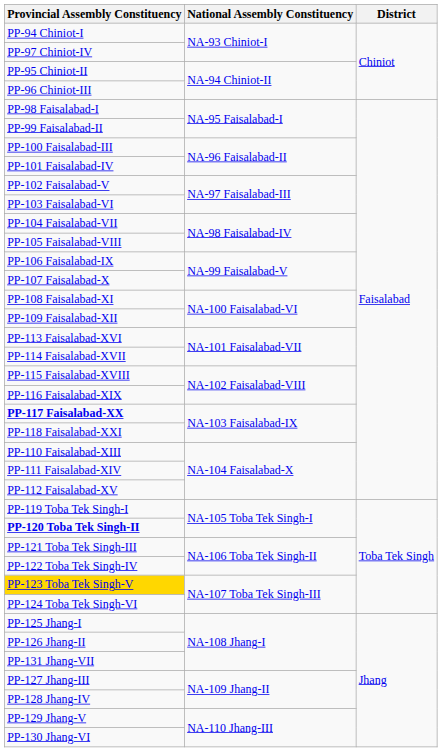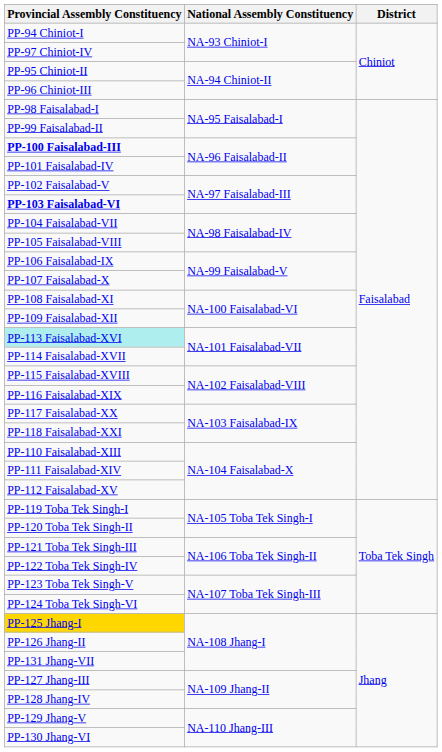 <table class="wikitable sortable static-row-numbers static-row-header-hash">
 <tr>
 <th>Provincial Assembly Constituency</th>
 <th>National Assembly Constituency</th>
 <th>District</th>
 </tr>
 <tr>
 <td><a href='#'>PP-94 Chiniot-I</a></td>
 <td rowspan="2"><a href='#'>NA-93 Chiniot-I</a></td>
 <td rowspan="4"><a href='#'>Chiniot</a></td>
 </tr>
 <tr>
 <td><a href='#'>PP-97 Chiniot-IV</a></td>
 </tr>
 <tr>
 <td><a href='#'>PP-95 Chiniot-II</a></td>
 <td rowspan="2"><a href='#'>NA-94 Chiniot-II</a></td>
 </tr>
 <tr>
 <td><a href='#'>PP-96 Chiniot-III</a></td>
 </tr>
 <tr>
 <td><a href='#'>PP-98 Faisalabad-I</a></td>
 <td rowspan="2"><a href='#'>NA-95 Faisalabad-I</a></td>
 <td rowspan="21"><a href='#'>Faisalabad</a></td>
 </tr>
 <tr>
 <td><a href='#'>PP-99 Faisalabad-II</a></td>
 </tr>
 <tr>
-<td><a href='#'>PP-100 Faisalabad-III</a></td>
+<td><strong><a href='#'>PP-100 Faisalabad-III</a></strong></td>
 <td rowspan="2"><a href='#'>NA-96 Faisalabad-II</a></td>
 </tr>
 <tr>
 <td><a href='#'>PP-101 Faisalabad-IV</a></td>
 </tr>
 <tr>
 <td><a href='#'>PP-102 Faisalabad-V</a></td>
 <td rowspan="2"><a href='#'>NA-97 Faisalabad-III</a></td>
 </tr>
 <tr>
-<td><a href='#'>PP-103 Faisalabad-VI</a></td>
+<td><strong><a href='#'>PP-103 Faisalabad-VI</a></strong></td>
 </tr>
 <tr>
 <td><a href='#'>PP-104 Faisalabad-VII</a></td>
 <td rowspan="2"><a href='#'>NA-98 Faisalabad-IV</a></td>
 </tr>
 <tr>
 <td><a href='#'>PP-105 Faisalabad-VIII</a></td>
 </tr>
 <tr>
 <td><a href='#'>PP-106 Faisalabad-IX</a></td>
 <td rowspan="2"><a href='#'>NA-99 Faisalabad-V</a></td>
 </tr>
 <tr>
 <td><a href='#'>PP-107 Faisalabad-X</a></td>
 </tr>
 <tr>
 <td><a href='#'>PP-108 Faisalabad-XI</a></td>
 <td rowspan="2"><a href='#'>NA-100 Faisalabad-VI</a></td>
 </tr>
 <tr>
 <td><a href='#'>PP-109 Faisalabad-XII</a></td>
 </tr>
 <tr>
-<td><a href='#'>PP-113 Faisalabad-XVI</a></td>
+<td style="background: paleturquoise;"><a href='#'>PP-113 Faisalabad-XVI</a></td>
 <td rowspan="2"><a href='#'>NA-101 Faisalabad-VII</a></td>
 </tr>
 <tr>
 <td><a href='#'>PP-114 Faisalabad-XVII</a></td>
 </tr>
 <tr>
 <td><a href='#'>PP-115 Faisalabad-XVIII</a></td>
 <td rowspan="2"><a href='#'>NA-102 Faisalabad-VIII</a></td>
 </tr>
 <tr>
 <td><a href='#'>PP-116 Faisalabad-XIX</a></td>
 </tr>
 <tr>
-<td><strong><a href='#'>PP-117 Faisalabad-XX</a></strong></td>
+<td><a href='#'>PP-117 Faisalabad-XX</a></td>
 <td rowspan="2"><a href='#'>NA-103 Faisalabad-IX</a></td>
 </tr>
 <tr>
 <td><a href='#'>PP-118 Faisalabad-XXI</a></td>
 </tr>
 <tr>
 <td><a href='#'>PP-110 Faisalabad-XIII</a></td>
 <td rowspan="3"><a href='#'>NA-104 Faisalabad-X</a></td>
 </tr>
 <tr>
 <td><a href='#'>PP-111 Faisalabad-XIV</a></td>
 </tr>
 <tr>
 <td><a href='#'>PP-112 Faisalabad-XV</a></td>
 </tr>
 <tr>
 <td><a href='#'>PP-119 Toba Tek Singh-I</a></td>
 <td rowspan="2"><a href='#'>NA-105 Toba Tek Singh-I</a></td>
 <td rowspan="6"><a href='#'>Toba Tek Singh</a></td>
 </tr>
 <tr>
-<td><strong><a href='#'>PP-120 Toba Tek Singh-II</a></strong></td>
+<td><a href='#'>PP-120 Toba Tek Singh-II</a></td>
 </tr>
 <tr>
 <td><a href='#'>PP-121 Toba Tek Singh-III</a></td>
 <td rowspan="2"><a href='#'>NA-106 Toba Tek Singh-II</a></td>
 </tr>
 <tr>
 <td><a href='#'>PP-122 Toba Tek Singh-IV</a></td>
 </tr>
 <tr>
-<td style="background: gold;"><a href='#'>PP-123 Toba Tek Singh-V</a></td>
+<td><a href='#'>PP-123 Toba Tek Singh-V</a></td>
 <td rowspan="2"><a href='#'>NA-107 Toba Tek Singh-III</a></td>
 </tr>
 <tr>
 <td><a href='#'>PP-124 Toba Tek Singh-VI</a></td>
 </tr>
 <tr>
-<td><a href='#'>PP-125 Jhang-I</a></td>
+<td style="background: gold;"><a href='#'>PP-125 Jhang-I</a></td>
 <td rowspan="3"><a href='#'>NA-108 Jhang-I</a></td>
 <td rowspan="7"><a href='#'>Jhang</a></td>
 </tr>
 <tr>
 <td><a href='#'>PP-126 Jhang-II</a></td>
 </tr>
 <tr>
 <td><a href='#'>PP-131 Jhang-VII</a></td>
 </tr>
 <tr>
 <td><a href='#'>PP-127 Jhang-III</a></td>
 <td rowspan="2"><a href='#'>NA-109 Jhang-II</a></td>
 </tr>
 <tr>
 <td><a href='#'>PP-128 Jhang-IV</a></td>
 </tr>
 <tr>
 <td><a href='#'>PP-129 Jhang-V</a></td>
 <td rowspan="2"><a href='#'>NA-110 Jhang-III</a></td>
 </tr>
 <tr>
 <td><a href='#'>PP-130 Jhang-VI</a></td>
 </tr>
 </table>
